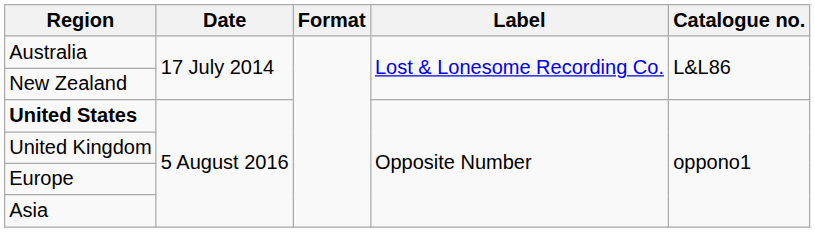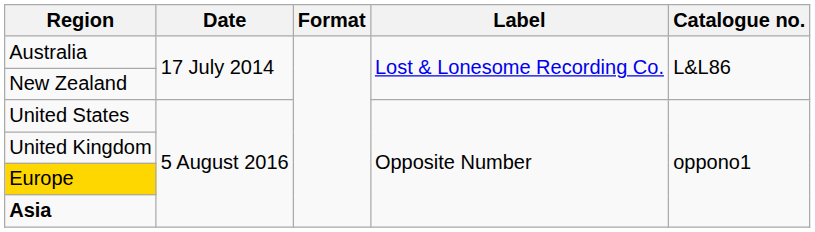 <table class="wikitable">
 <tr>
 <th>Region</th>
 <th>Date</th>
 <th>Format</th>
 <th>Label</th>
 <th>Catalogue no.</th>
 </tr>
 <tr>
 <td>Australia</td>
 <td rowspan="2">17 July 2014</td>
 <td rowspan="6"></td>
 <td rowspan="2"><a href='#'>Lost & Lonesome Recording Co.</a></td>
 <td rowspan="2">L&L86</td>
 </tr>
 <tr>
 <td>New Zealand</td>
 </tr>
 <tr>
-<td><strong>United States</strong></td>
+<td>United States</td>
 <td rowspan="4">5 August 2016</td>
 <td rowspan="4">Opposite Number</td>
 <td rowspan="4">oppono1</td>
 </tr>
 <tr>
 <td>United Kingdom</td>
 </tr>
 <tr>
-<td>Europe</td>
+<td style="background: gold;">Europe</td>
 </tr>
 <tr>
-<td>Asia</td>
+<td><strong>Asia</strong></td>
 </tr>
 </table>
